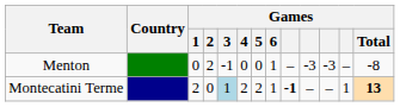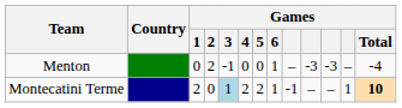 <table class="wikitable plainrowheaders" style="text-align:center;">
 <tr>
 <th rowspan=2>Team</th>
 <th rowspan=2>Country</th>
 <th colspan=11>Games</th>
 </tr>
 <tr>
 <th>1</th>
 <th>2</th>
 <th>3</th>
 <th>4</th>
 <th>5</th>
 <th>6</th>
 <th></th>
 <th></th>
 <th></th>
 <th></th>
 <th>Total</th>
 </tr>
 <tr>
 <td>Menton</td>
 <td style="background:green"></td>
 <td>0</td>
 <td>2</td>
 <td>-1</td>
 <td>0</td>
 <td>0</td>
 <td>1</td>
 <td>–</td>
 <td>-3</td>
 <td>-3</td>
 <td>–</td>
-<td>-8</td>
+<td>-4</td>
 </tr>
 <tr>
 <td>Montecatini Terme</td>
 <td style="background:darkblue"></td>
 <td>2</td>
 <td>0</td>
 <td style="background: lightblue;">1</td>
 <td>2</td>
 <td>2</td>
 <td>1</td>
-<td><strong>-1</strong></td>
+<td>-1</td>
 <td>–</td>
 <td>–</td>
 <td>1</td>
-<td style="font-weight:bold; background:NavajoWhite;">13</td>
+<td style="font-weight:bold; background:NavajoWhite;">10</td>
 </tr>
 </table>
